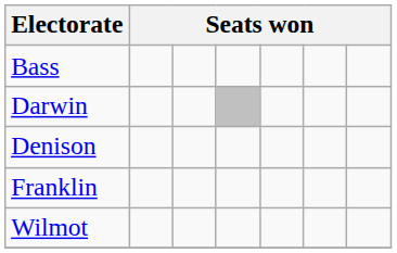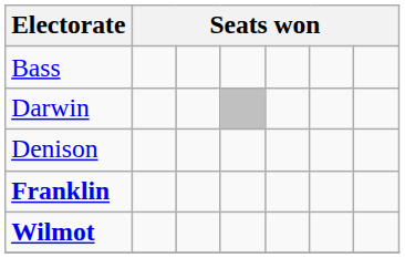 <table class="wikitable">
 <tr>
 <th>Electorate</th>
 <th colspan=7>Seats won</th>
 </tr>
 <tr>
 <td><a href='#'>Bass</a></td>
 <td width=20 > </td>
 <td width=20 > </td>
 <td width=20 > </td>
 <td width=20 > </td>
 <td width=20 > </td>
 <td width=20 > </td>
 </tr>
 <tr>
 <td><a href='#'>Darwin</a></td>
 <td> </td>
 <td> </td>
 <td bgcolor="#C0C0C0"> </td>
 <td> </td>
 <td> </td>
 <td> </td>
 </tr>
 <tr>
 <td><a href='#'>Denison</a></td>
 <td> </td>
 <td> </td>
 <td> </td>
 <td> </td>
 <td> </td>
 <td> </td>
 </tr>
 <tr>
-<td><a href='#'>Franklin</a></td>
+<td><strong><a href='#'>Franklin</a></strong></td>
 <td> </td>
 <td> </td>
 <td> </td>
 <td> </td>
 <td> </td>
 <td> </td>
 </tr>
 <tr>
-<td><a href='#'>Wilmot</a></td>
+<td><strong><a href='#'>Wilmot</a></strong></td>
 <td> </td>
 <td> </td>
 <td> </td>
 <td> </td>
 <td> </td>
 <td> </td>
 </tr>
 <tr>
 </tr>
 </table>
